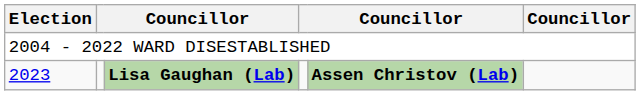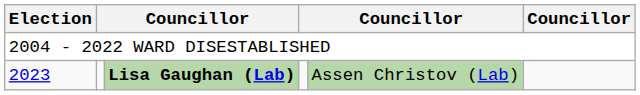 <table class="wikitable">
 <tr>
 <th>Election</th>
 <th colspan="2">Councillor</th>
 <th colspan="2">Councillor</th>
 <th colspan="2">Councillor</th>
 </tr>
 <tr>
 <td colspan="8" bgcolor="#FFF"><div>2004 - 2022 WARD DISESTABLISHED</div></td>
 </tr>
 <tr>
 <td><a href='#'>2023</a></td>
 <td style="background-color: "></td>
 <td bgcolor="#B6D7A8"><strong>Lisa Gaughan (<a href='#'>Lab</a>)</strong></td>
 <td style="background-color: "></td>
-<td bgcolor="#B6D7A8"><strong>Assen Christov (<a href='#'>Lab</a>)</strong></td>
+<td bgcolor="#B6D7A8">Assen Christov (<a href='#'>Lab</a>)</td>
 </tr>
 </table>
